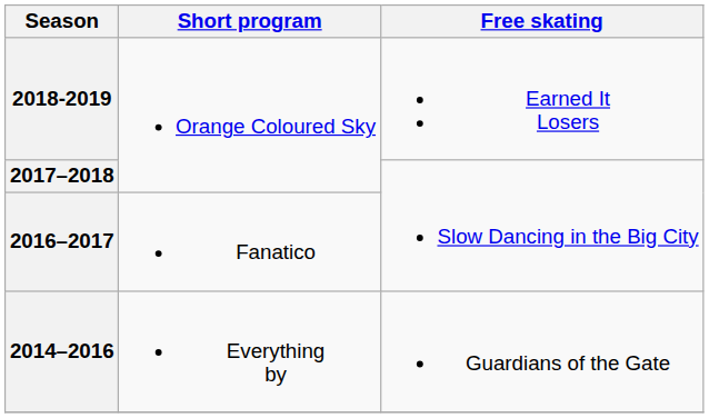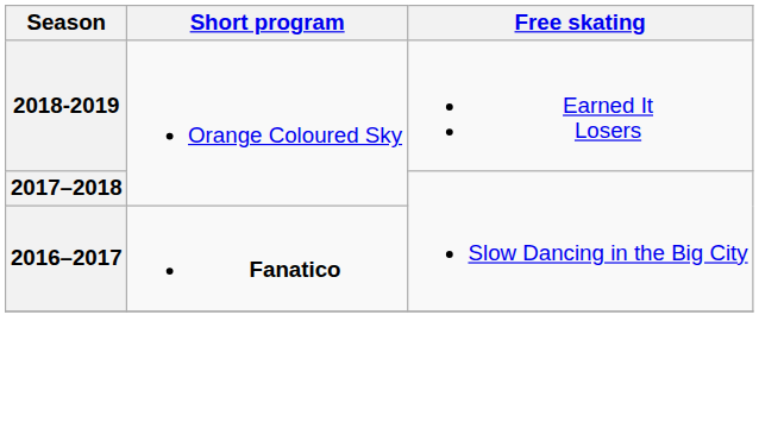 <table class=wikitable style=text-align:center>
 <tr>
 <th>Season</th>
 <th><a href='#'>Short program</a></th>
 <th><a href='#'>Free skating</a></th>
 </tr>
 <tr>
 <th>2018-2019 <br></th>
 <td rowspan=2><br><ul><li><a href='#'>Orange Coloured Sky</a> <br> </li></ul></td>
 <td><br><ul><li><a href='#'>Earned It</a> <br> </li><li><a href='#'>Losers</a> <br> </li></ul></td>
 </tr>
 <tr>
 <th>2017–2018 <br></th>
 <td rowspan=2><br><ul><li><a href='#'>Slow Dancing in the Big City</a> <br> </li></ul></td>
 </tr>
 <tr>
 <th>2016–2017 <br></th>
-<td><br><ul><li>Fanatico <br> </li></ul></td>
-</tr>
-<tr>
-<th>2014–2016 <br></th>
-<td><br><ul><li>Everything <br> by </li></ul></td>
-<td><br><ul><li>Guardians of the Gate <br> </li></ul></td>
+<td><strong><br><ul><li>Fanatico <br> </li></ul></strong></td>
 </tr>
 <tr>
 </tr>
 </table>
